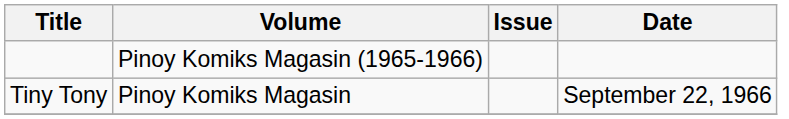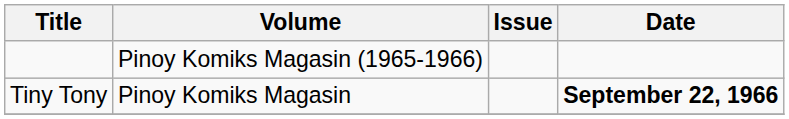 <table class="wikitable sortable">
 <tr>
 <th>Title</th>
 <th>Volume</th>
 <th>Issue</th>
 <th>Date</th>
 </tr>
 <tr>
 <td></td>
 <td>Pinoy Komiks Magasin (1965-1966)</td>
 <td></td>
 <td></td>
 </tr>
 <tr>
 <td>Tiny Tony</td>
 <td>Pinoy Komiks Magasin</td>
 <td></td>
-<td>September 22, 1966</td>
+<td><strong>September 22, 1966</strong></td>
 </tr>
 <tr>
 </tr>
 </table>
